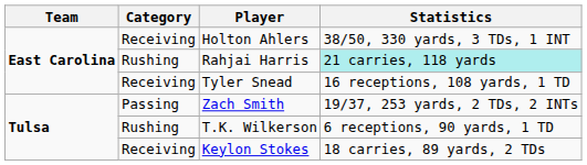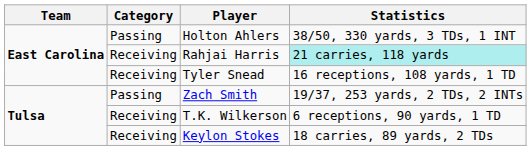 <table class="wikitable" style="float: left;">
 <tr>
 <th>Team</th>
 <th>Category</th>
 <th>Player</th>
 <th>Statistics</th>
 </tr>
 <tr>
 <td rowspan=3><strong>East Carolina</strong></td>
-<td>Receiving</td>
+<td>Passing</td>
 <td>Holton Ahlers</td>
 <td>38/50, 330 yards, 3 TDs, 1 INT</td>
 </tr>
 <tr>
-<td>Rushing</td>
+<td>Receiving</td>
 <td>Rahjai Harris</td>
 <td style="background: paleturquoise;">21 carries, 118 yards</td>
 </tr>
 <tr>
 <td>Receiving</td>
 <td>Tyler Snead</td>
 <td>16 receptions, 108 yards, 1 TD</td>
 </tr>
 <tr>
 <td rowspan=3><strong>Tulsa</strong></td>
 <td>Passing</td>
 <td><a href='#'>Zach Smith</a></td>
 <td>19/37, 253 yards, 2 TDs, 2 INTs</td>
 </tr>
 <tr>
-<td>Rushing</td>
+<td>Receiving</td>
 <td>T.K. Wilkerson</td>
 <td>6 receptions, 90 yards, 1 TD</td>
 </tr>
 <tr>
 <td>Receiving</td>
 <td><a href='#'>Keylon Stokes</a></td>
 <td>18 carries, 89 yards, 2 TDs</td>
 </tr>
 </table>
